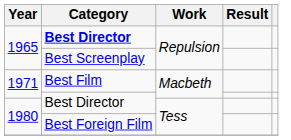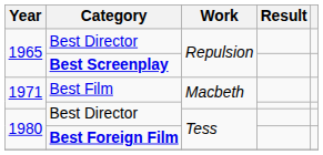 <table class="wikitable">
 <tr>
 <th>Year</th>
 <th>Category</th>
 <th>Work</th>
 <th>Result</th>
 <th></th>
 </tr>
 <tr>
 <td rowspan=2><a href='#'>1965</a></td>
-<td><strong><a href='#'>Best Director</a></strong></td>
+<td><a href='#'>Best Director</a></td>
 <td rowspan=2><em>Repulsion</em></td>
 <td></td>
 <td></td>
 </tr>
 <tr>
-<td><a href='#'>Best Screenplay</a></td>
+<td><strong><a href='#'>Best Screenplay</a></strong></td>
 <td></td>
 <td></td>
 </tr>
 <tr>
 <td rowspan=2><a href='#'>1971</a></td>
 <td><a href='#'>Best Film</a></td>
 <td rowspan=2><em>Macbeth</em></td>
 <td></td>
 <td></td>
 </tr>
 <tr>
 <td rowspan="2">Best Director</td>
 <td></td>
 <td></td>
 </tr>
 <tr>
 <td rowspan=2><a href='#'>1980</a></td>
 <td rowspan=2><em>Tess</em></td>
 <td></td>
 <td></td>
 </tr>
 <tr>
-<td><a href='#'>Best Foreign Film</a></td>
+<td><strong><a href='#'>Best Foreign Film</a></strong></td>
 <td></td>
 <td></td>
 </tr>
 <tr>
 </tr>
 </table>
